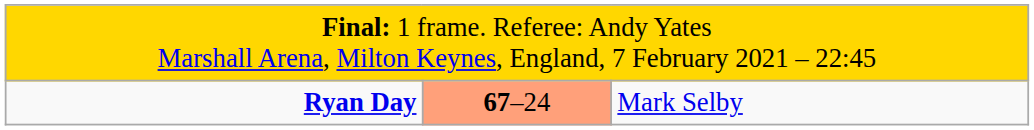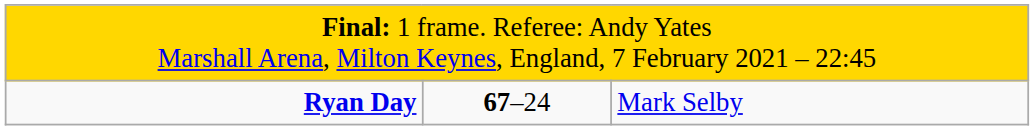 <table class="wikitable" style="font-size: 95%; margin: 1em auto 1em auto;">
 <tr>
 <td colspan="3" align="center" bgcolor="#ffd700"><strong>Final:</strong> 1 frame. Referee: Andy Yates<br> <a href='#'>Marshall Arena</a>, <a href='#'>Milton Keynes</a>, England, 7 February 2021 – 22:45</td>
 </tr>
 <tr>
 <td width="230" align="right"><strong><a href='#'>Ryan Day</a></strong><br></td>
-<td width="100" align="center" style="background: lightsalmon;"><strong>67</strong>–24</td>
+<td width="100" align="center"><strong>67</strong>–24</td>
 <td width="230"><a href='#'>Mark Selby</a><br></td>
 </tr>
 </table>
